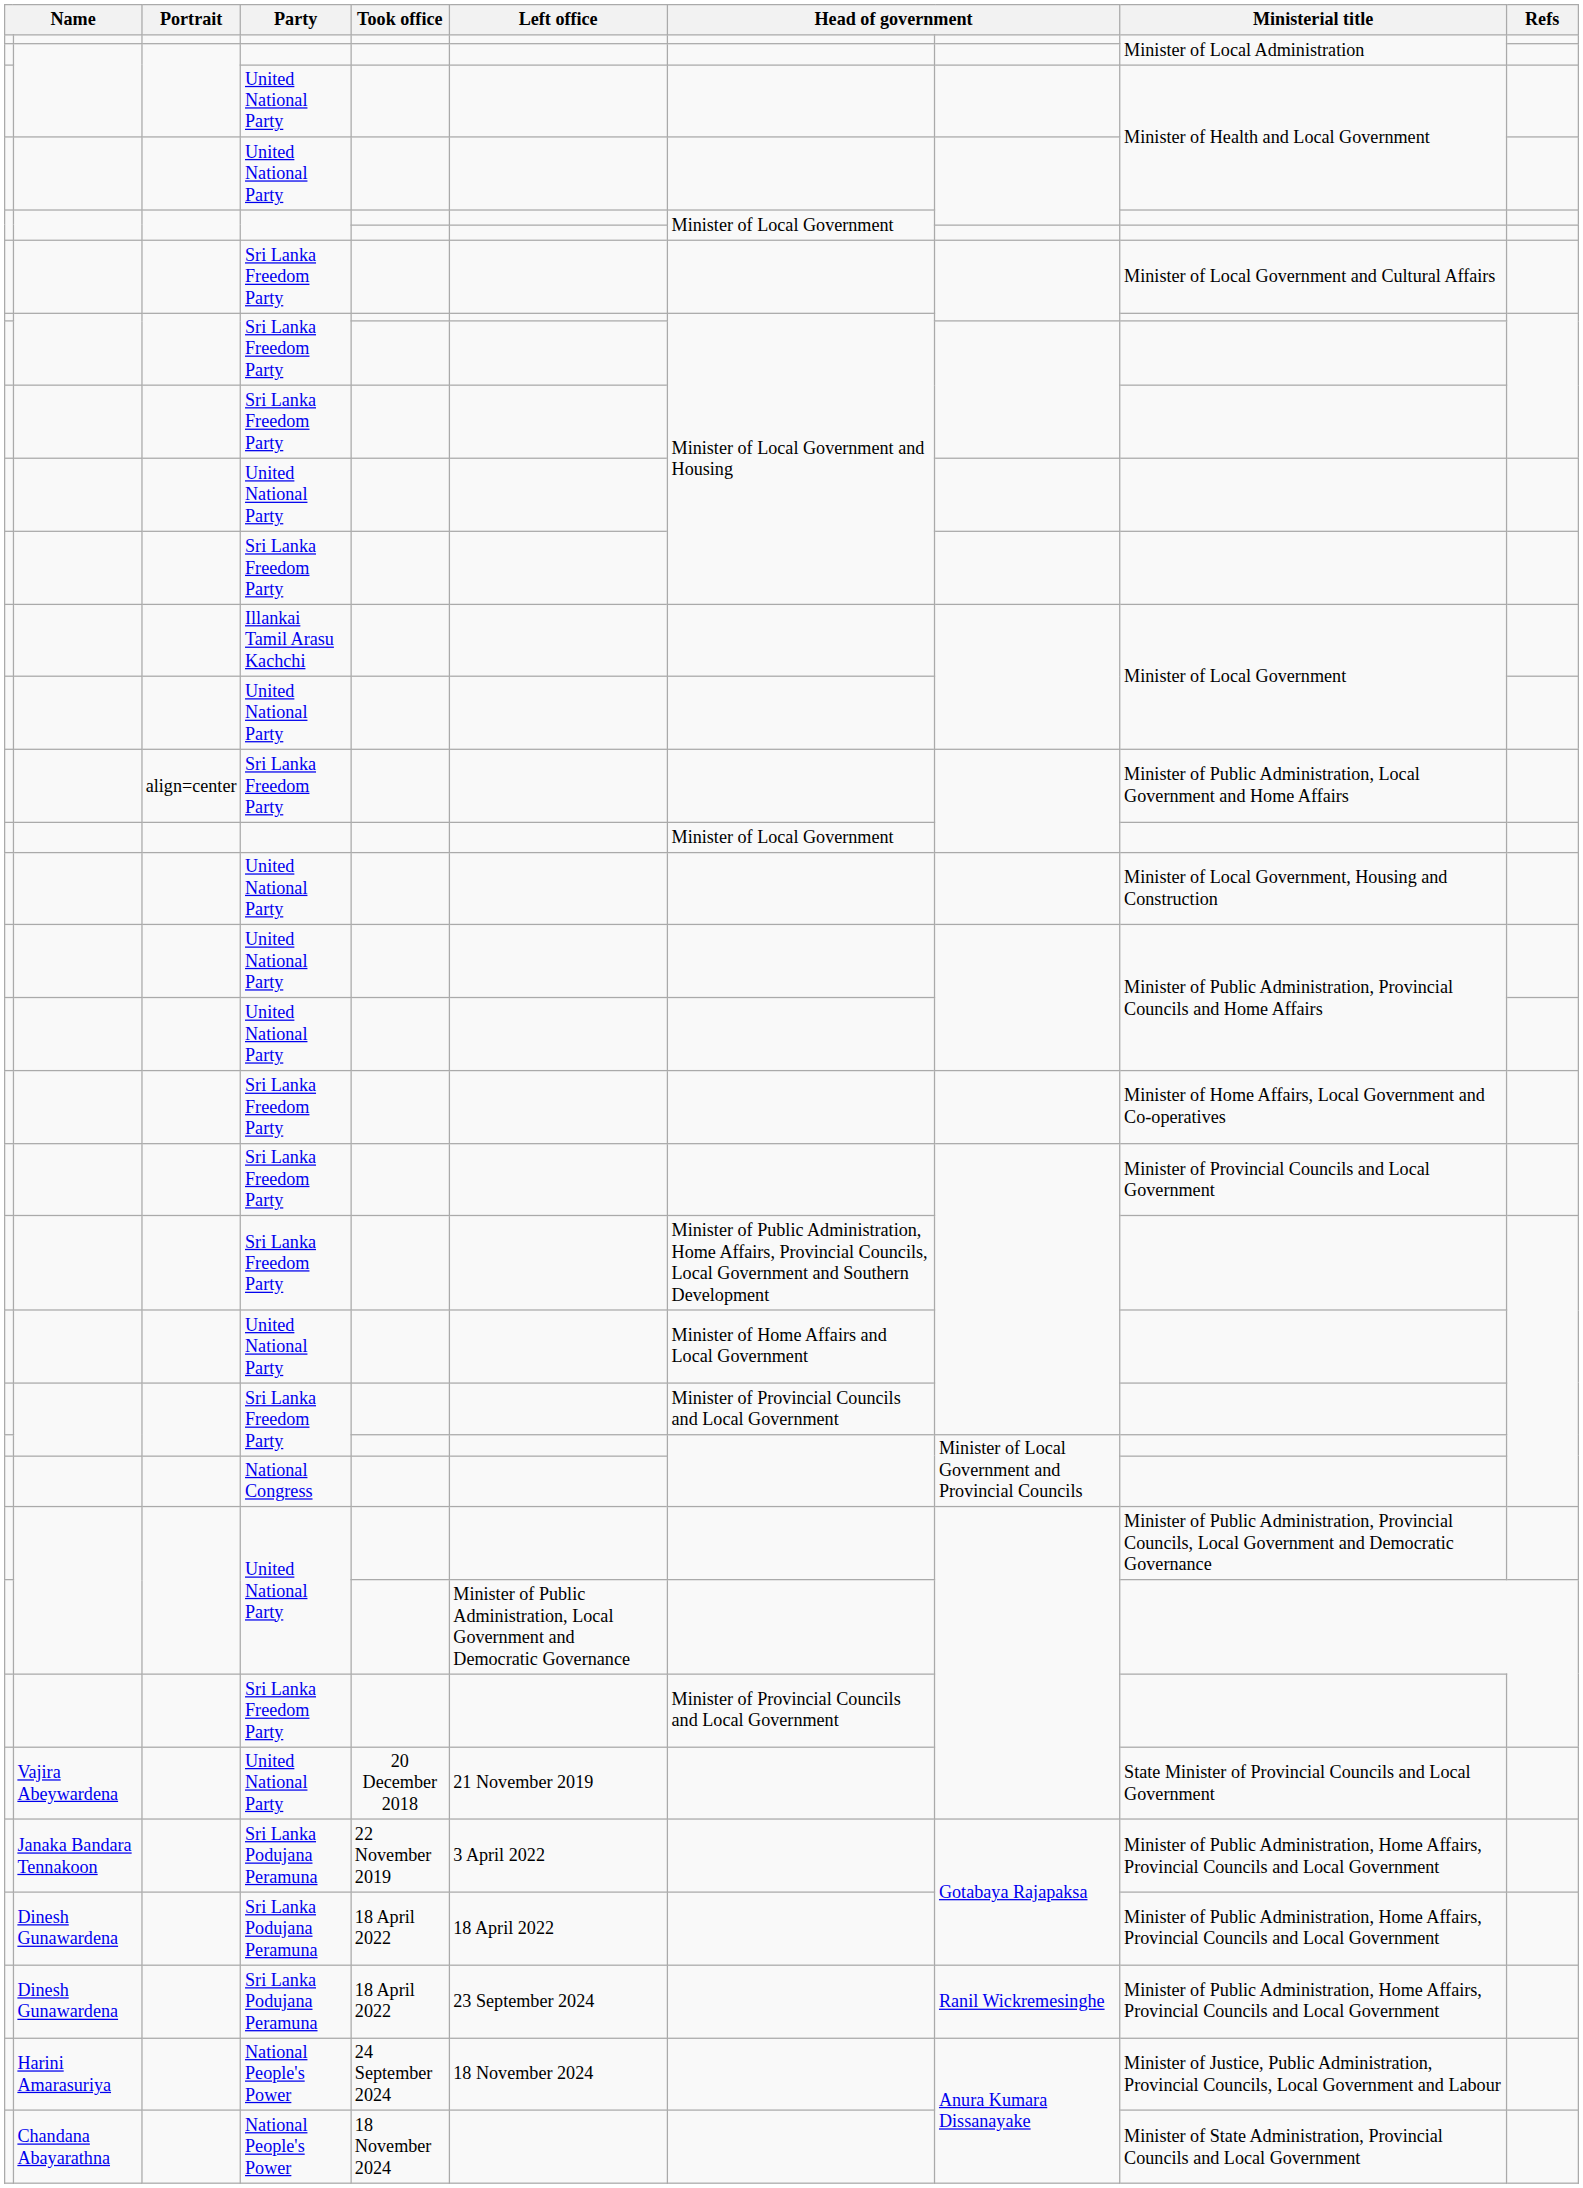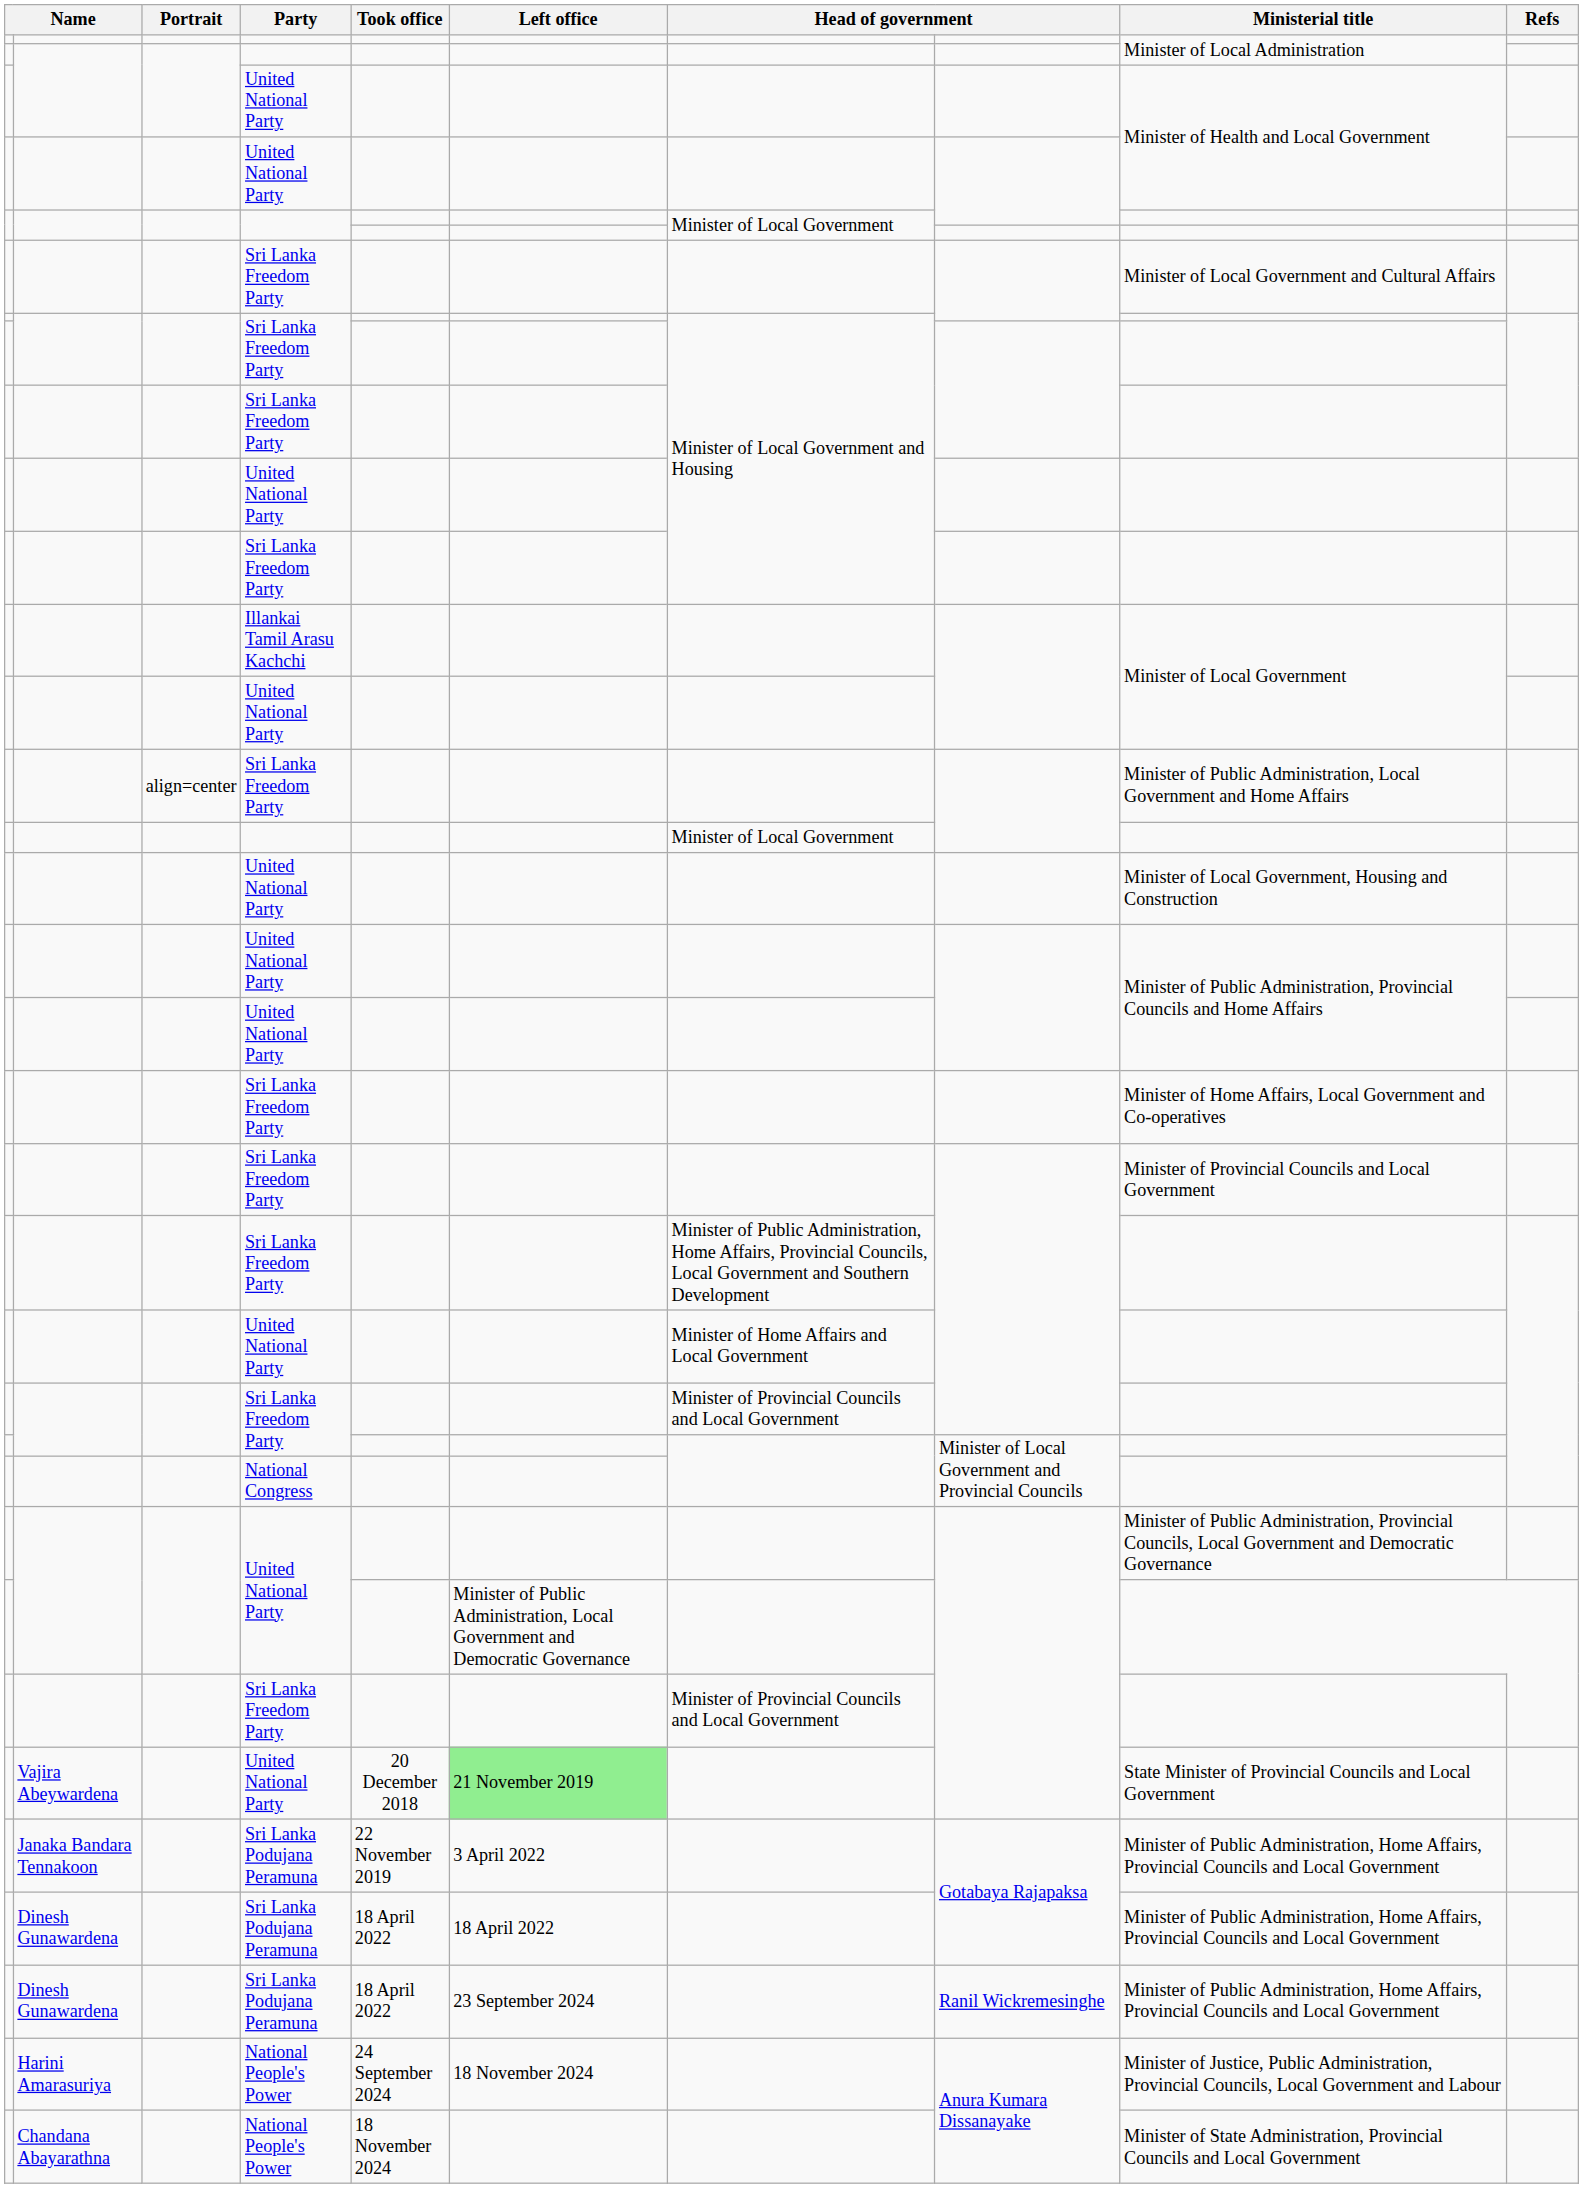 <table class="wikitable plainrowheaders sortable" style="font-size:90%; text-align:left;">
 <tr>
 <th colspan="2" scope="col">Name</th>
 <th scope="col" class="unsortable">Portrait</th>
 <th scope="col">Party</th>
 <th scope="col">Took office</th>
 <th scope="col">Left office</th>
 <th colspan="2" scope="col">Head of government</th>
 <th scope="col" width="300px">Ministerial title</th>
 <th scope="col" width="50px" class="unsortable">Refs</th>
 </tr>
 <tr>
 <td></td>
 <td></td>
 <td></td>
 <td></td>
 <td align="center"></td>
 <td align="center"></td>
 <td></td>
 <td></td>
 <td rowspan="2">Minister of Local Administration</td>
 <td align="center"></td>
 </tr>
 <tr>
 <td></td>
 <td rowspan="2"></td>
 <td rowspan="2" align="center"></td>
 <td></td>
 <td align="center"></td>
 <td align="center"></td>
 <td></td>
 <td></td>
 <td align="center"></td>
 </tr>
 <tr>
 <td style="background:"></td>
 <td><a href='#'>United National Party</a></td>
 <td align="center"></td>
 <td align="center"></td>
 <td style="background:"></td>
 <td></td>
 <td rowspan="2">Minister of Health and Local Government</td>
 <td align="center"></td>
 </tr>
 <tr>
 <td style="background:"></td>
 <td></td>
 <td align="center"></td>
 <td><a href='#'>United National Party</a></td>
 <td align="center"></td>
 <td align="center"></td>
 <td style="background:"></td>
 <td rowspan="2"></td>
 <td align="center"></td>
 </tr>
 <tr>
 <td rowspan="2"></td>
 <td rowspan="2"></td>
 <td rowspan="2" align="center"></td>
 <td rowspan="2"></td>
 <td align="center"></td>
 <td align="center"></td>
 <td rowspan="2">Minister of Local Government</td>
 <td align="center"></td>
 </tr>
 <tr>
 <td align="center"></td>
 <td align="center"></td>
 <td style="background:"></td>
 <td></td>
 <td align="center"></td>
 </tr>
 <tr>
 <td style="background:"></td>
 <td></td>
 <td></td>
 <td><a href='#'>Sri Lanka Freedom Party</a></td>
 <td></td>
 <td></td>
 <td style="background:"></td>
 <td rowspan="2"></td>
 <td>Minister of Local Government and Cultural Affairs</td>
 <td align="center"></td>
 </tr>
 <tr>
 <td style="background:"></td>
 <td rowspan="2"></td>
 <td rowspan="2"></td>
 <td rowspan="2"><a href='#'>Sri Lanka Freedom Party</a></td>
 <td align="center"></td>
 <td></td>
 <td rowspan="5">Minister of Local Government and Housing</td>
 <td align="center"></td>
 </tr>
 <tr>
 <td></td>
 <td align="center"></td>
 <td style="background:"></td>
 <td rowspan="2"></td>
 <td></td>
 </tr>
 <tr>
 <td style="background:"></td>
 <td></td>
 <td></td>
 <td><a href='#'>Sri Lanka Freedom Party</a></td>
 <td></td>
 <td></td>
 <td align="center"></td>
 </tr>
 <tr>
 <td style="background:"></td>
 <td></td>
 <td align="center"></td>
 <td><a href='#'>United National Party</a></td>
 <td align="center"></td>
 <td align="center"></td>
 <td style="background:"></td>
 <td></td>
 <td align="center"></td>
 </tr>
 <tr>
 <td style="background:"></td>
 <td></td>
 <td></td>
 <td><a href='#'>Sri Lanka Freedom Party</a></td>
 <td align="center"></td>
 <td align="center"></td>
 <td style="background:"></td>
 <td></td>
 <td align="center"></td>
 </tr>
 <tr>
 <td style="background:"></td>
 <td></td>
 <td></td>
 <td><a href='#'>Illankai Tamil Arasu Kachchi</a></td>
 <td align="center"></td>
 <td align="center"></td>
 <td style="background:"></td>
 <td rowspan="2"></td>
 <td rowspan="2">Minister of Local Government</td>
 <td align="center"></td>
 </tr>
 <tr>
 <td style="background:"></td>
 <td></td>
 <td></td>
 <td><a href='#'>United National Party</a></td>
 <td align="center"></td>
 <td></td>
 <td align="center"></td>
 </tr>
 <tr>
 <td style="background:"></td>
 <td></td>
 <td>align=center</td>
 <td><a href='#'>Sri Lanka Freedom Party</a></td>
 <td align="center"></td>
 <td align="center"></td>
 <td style="background:"></td>
 <td rowspan="2"></td>
 <td>Minister of Public Administration, Local Government and Home Affairs</td>
 <td align="center"></td>
 </tr>
 <tr>
 <td></td>
 <td></td>
 <td></td>
 <td></td>
 <td></td>
 <td></td>
 <td>Minister of Local Government</td>
 <td align="center"></td>
 </tr>
 <tr>
 <td style="background:"></td>
 <td></td>
 <td></td>
 <td><a href='#'>United National Party</a></td>
 <td align="center"></td>
 <td></td>
 <td style="background:"></td>
 <td></td>
 <td>Minister of Local Government, Housing and Construction</td>
 <td align="center"></td>
 </tr>
 <tr>
 <td style="background:"></td>
 <td></td>
 <td></td>
 <td><a href='#'>United National Party</a></td>
 <td align="center"></td>
 <td align="center"></td>
 <td style="background:"></td>
 <td rowspan="2"></td>
 <td rowspan="2">Minister of Public Administration, Provincial Councils and Home Affairs</td>
 <td align="center"></td>
 </tr>
 <tr>
 <td style="background:"></td>
 <td></td>
 <td></td>
 <td><a href='#'>United National Party</a></td>
 <td align="center"></td>
 <td align="center"></td>
 <td align="center"></td>
 </tr>
 <tr>
 <td style="background:"></td>
 <td></td>
 <td></td>
 <td><a href='#'>Sri Lanka Freedom Party</a></td>
 <td align="center"></td>
 <td align="center"></td>
 <td style="background:"></td>
 <td></td>
 <td>Minister of Home Affairs, Local Government and Co-operatives</td>
 <td align="center"></td>
 </tr>
 <tr>
 <td style="background:"></td>
 <td></td>
 <td align="center"></td>
 <td><a href='#'>Sri Lanka Freedom Party</a></td>
 <td align="center"></td>
 <td></td>
 <td style="background:"></td>
 <td rowspan="4"></td>
 <td>Minister of Provincial Councils and Local Government</td>
 <td align="center"></td>
 </tr>
 <tr>
 <td style="background:"></td>
 <td></td>
 <td></td>
 <td><a href='#'>Sri Lanka Freedom Party</a></td>
 <td align="center"></td>
 <td></td>
 <td>Minister of Public Administration, Home Affairs, Provincial Councils, Local Government and Southern Development</td>
 <td align="center"></td>
 </tr>
 <tr>
 <td style="background:"></td>
 <td></td>
 <td></td>
 <td><a href='#'>United National Party</a></td>
 <td align="center"></td>
 <td align="center"></td>
 <td>Minister of Home Affairs and Local Government</td>
 <td align="center"></td>
 </tr>
 <tr>
 <td style="background:"></td>
 <td rowspan="2"></td>
 <td rowspan="2"></td>
 <td rowspan="2"><a href='#'>Sri Lanka Freedom Party</a></td>
 <td align="center"></td>
 <td align="center"></td>
 <td>Minister of Provincial Councils and Local Government</td>
 <td align="center"></td>
 </tr>
 <tr>
 <td align="center"></td>
 <td></td>
 <td style="background:"></td>
 <td rowspan="2"></td>
 <td rowspan="2">Minister of Local Government and Provincial Councils</td>
 <td align="center"></td>
 </tr>
 <tr>
 <td style="background:"></td>
 <td></td>
 <td></td>
 <td><a href='#'>National Congress</a></td>
 <td align="center"></td>
 <td></td>
 <td align="center"></td>
 </tr>
 <tr>
 <td style="background:"></td>
 <td rowspan="2"></td>
 <td rowspan="2" align="center"></td>
 <td rowspan="2"><a href='#'>United National Party</a></td>
 <td align="center"></td>
 <td align="center"></td>
 <td style="background:"></td>
 <td rowspan="4"></td>
 <td>Minister of Public Administration, Provincial Councils, Local Government and Democratic Governance</td>
 <td align="center"></td>
 </tr>
 <tr>
 <td align="center"></td>
 <td align="center"></td>
 <td>Minister of Public Administration, Local Government and Democratic Governance</td>
 <td align="center"></td>
 </tr>
 <tr>
 <td style="background:"></td>
 <td></td>
 <td></td>
 <td><a href='#'>Sri Lanka Freedom Party</a></td>
 <td align="center"></td>
 <td></td>
 <td>Minister of Provincial Councils and Local Government</td>
 <td align="center"></td>
 </tr>
 <tr>
 <td style="background:"></td>
 <td><a href='#'>Vajira Abeywardena</a></td>
 <td></td>
 <td><a href='#'>United National Party</a></td>
 <td align="center">20 December 2018</td>
-<td>21 November 2019</td>
+<td style="background: lightgreen;">21 November 2019</td>
 <td style="background:"></td>
 <td>State Minister of Provincial Councils and Local Government</td>
 <td></td>
 </tr>
 <tr>
 <td style="background:"></td>
 <td><a href='#'>Janaka Bandara Tennakoon</a></td>
 <td></td>
 <td><a href='#'>Sri Lanka Podujana Peramuna</a></td>
 <td>22 November 2019</td>
 <td>3 April 2022</td>
 <td style="background:"></td>
 <td rowspan="2"><a href='#'>Gotabaya Rajapaksa</a></td>
 <td>Minister of Public Administration, Home Affairs, Provincial Councils and Local Government</td>
 <td></td>
 </tr>
 <tr>
 <td style="background:"></td>
 <td><a href='#'>Dinesh Gunawardena</a></td>
 <td></td>
 <td><a href='#'>Sri Lanka Podujana Peramuna</a></td>
 <td>18 April 2022</td>
 <td>18 April 2022</td>
 <td style="background:"></td>
 <td>Minister of Public Administration, Home Affairs, Provincial Councils and Local Government</td>
 <td></td>
 </tr>
 <tr>
 <td style="background:"></td>
 <td><a href='#'>Dinesh Gunawardena</a></td>
 <td></td>
 <td><a href='#'>Sri Lanka Podujana Peramuna</a></td>
 <td>18 April 2022</td>
 <td>23 September 2024</td>
 <td style="background:"></td>
 <td><a href='#'>Ranil Wickremesinghe</a></td>
 <td>Minister of Public Administration, Home Affairs, Provincial Councils and Local Government</td>
 <td></td>
 </tr>
 <tr>
 <td style="background:"></td>
 <td><a href='#'>Harini Amarasuriya</a></td>
 <td></td>
 <td><a href='#'>National People's Power</a></td>
 <td>24 September 2024</td>
 <td>18 November 2024</td>
 <td style="background:"></td>
 <td rowspan="2"><a href='#'>Anura Kumara Dissanayake</a></td>
 <td>Minister of Justice, Public Administration, Provincial Councils, Local Government and Labour</td>
 <td></td>
 </tr>
 <tr>
 <td style="background:"></td>
 <td><a href='#'>Chandana Abayarathna</a></td>
 <td></td>
 <td><a href='#'>National People's Power</a></td>
 <td>18 November 2024</td>
 <td></td>
 <td style="background:"></td>
 <td>Minister of State Administration, Provincial Councils and Local Government</td>
 <td></td>
 </tr>
 </table>
